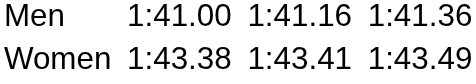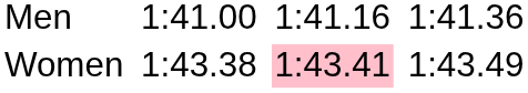 <table>
 <tr>
 <td>Men</td>
 <td></td>
 <td>1:41.00</td>
 <td></td>
 <td>1:41.16</td>
 <td></td>
 <td>1:41.36</td>
 </tr>
 <tr>
 <td>Women</td>
 <td></td>
 <td>1:43.38</td>
 <td></td>
-<td>1:43.41</td>
+<td style="background: pink;">1:43.41</td>
 <td></td>
 <td>1:43.49</td>
 </tr>
 </table>
